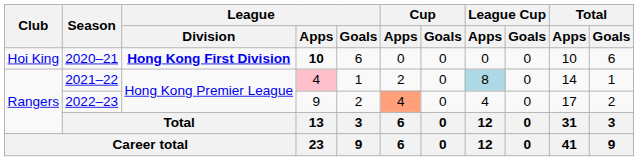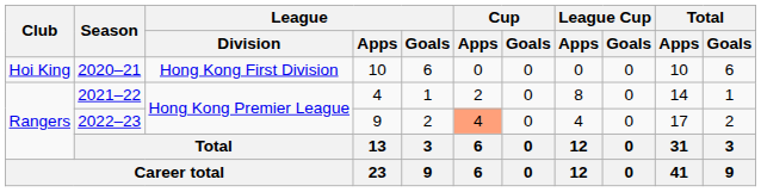 <table class="wikitable" style="text-align: center">
 <tr>
 <th rowspan="2">Club</th>
 <th rowspan="2">Season</th>
 <th colspan="3">League</th>
 <th colspan="2">Cup</th>
 <th colspan="2">League Cup</th>
 <th colspan="2">Total</th>
 </tr>
 <tr>
 <th>Division</th>
 <th>Apps</th>
 <th>Goals</th>
 <th>Apps</th>
 <th>Goals</th>
 <th>Apps</th>
 <th>Goals</th>
 <th>Apps</th>
 <th>Goals</th>
 </tr>
 <tr>
 <td><a href='#'>Hoi King</a></td>
 <td><a href='#'>2020–21</a></td>
-<td><strong><a href='#'>Hong Kong First Division</a></strong></td>
-<td><strong>10</strong></td>
+<td><a href='#'>Hong Kong First Division</a></td>
+<td>10</td>
 <td>6</td>
 <td>0</td>
 <td>0</td>
 <td>0</td>
 <td>0</td>
 <td>10</td>
 <td>6</td>
 </tr>
 <tr>
 <td rowspan="3"><a href='#'>Rangers</a></td>
 <td><a href='#'>2021–22</a></td>
 <td rowspan="2"><a href='#'>Hong Kong Premier League</a></td>
-<td style="background: pink;">4</td>
+<td>4</td>
 <td>1</td>
 <td>2</td>
 <td>0</td>
-<td style="background: lightblue;">8</td>
+<td>8</td>
 <td>0</td>
 <td>14</td>
 <td>1</td>
 </tr>
 <tr>
 <td><a href='#'>2022–23</a></td>
 <td>9</td>
 <td>2</td>
 <td style="background: lightsalmon;">4</td>
 <td>0</td>
 <td>4</td>
 <td>0</td>
 <td>17</td>
 <td>2</td>
 </tr>
 <tr>
 <th colspan="2">Total</th>
 <th>13</th>
 <th>3</th>
 <th>6</th>
 <th>0</th>
 <th>12</th>
 <th>0</th>
 <th>31</th>
 <th>3</th>
 </tr>
 <tr>
 <th colspan=3>Career total</th>
 <th>23</th>
 <th>9</th>
 <th>6</th>
 <th>0</th>
 <th>12</th>
 <th>0</th>
 <th>41</th>
 <th>9</th>
 </tr>
 </table>
